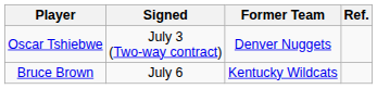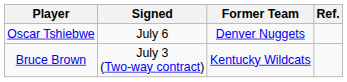 <table class="wikitable sortable sortable" style="text-align: center">
 <tr>
 <th>Player</th>
 <th>Signed</th>
 <th>Former Team</th>
 <th>Ref.</th>
 </tr>
 <tr>
 <td><a href='#'>Oscar Tshiebwe</a></td>
-<td>July 3<br>(<a href='#'>Two-way contract</a>)</td>
+<td>July 6</td>
 <td><a href='#'>Denver Nuggets</a></td>
 <td></td>
 </tr>
 <tr>
 <td><a href='#'>Bruce Brown</a></td>
-<td>July 6</td>
+<td>July 3<br>(<a href='#'>Two-way contract</a>)</td>
 <td><a href='#'>Kentucky Wildcats</a></td>
 <td></td>
 </tr>
 </table>
